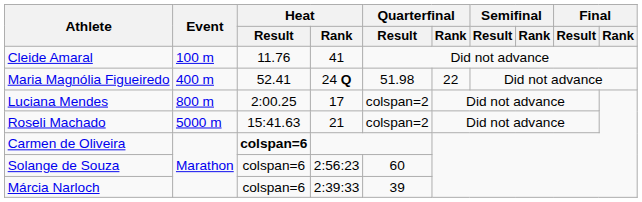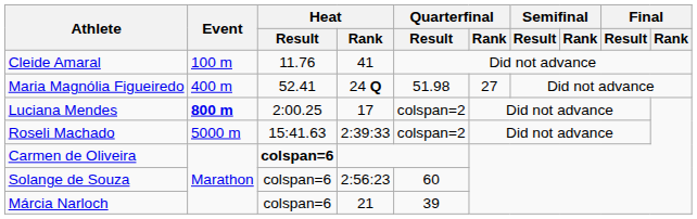 <table class="wikitable" style="font-size:90%">
 <tr>
 <th rowspan="2">Athlete</th>
 <th rowspan="2">Event</th>
 <th colspan="2">Heat</th>
 <th colspan="2">Quarterfinal</th>
 <th colspan="2">Semifinal</th>
 <th colspan="2">Final</th>
 </tr>
 <tr style="font-size:95%">
 <th>Result</th>
 <th>Rank</th>
 <th>Result</th>
 <th>Rank</th>
 <th>Result</th>
 <th>Rank</th>
 <th>Result</th>
 <th>Rank</th>
 </tr>
 <tr align=center>
 <td align=left><a href='#'>Cleide Amaral</a></td>
 <td align=left><a href='#'>100 m</a></td>
 <td>11.76</td>
 <td>41</td>
 <td colspan=6>Did not advance</td>
 </tr>
 <tr align=center>
 <td align=left><a href='#'>Maria Magnólia Figueiredo</a></td>
 <td align=left><a href='#'>400 m</a></td>
 <td>52.41</td>
 <td>24 <strong>Q</strong></td>
 <td>51.98</td>
-<td>22</td>
+<td>27</td>
 <td colspan=4>Did not advance</td>
 </tr>
 <tr align=center>
 <td align=left><a href='#'>Luciana Mendes</a></td>
-<td align=left><a href='#'>800 m</a></td>
+<td align=left><strong><a href='#'>800 m</a></strong></td>
 <td>2:00.25</td>
 <td>17</td>
 <td>colspan=2 </td>
 <td colspan=4>Did not advance</td>
 </tr>
 <tr align=center>
 <td align=left><a href='#'>Roseli Machado</a></td>
 <td align=left><a href='#'>5000 m</a></td>
 <td>15:41.63</td>
-<td>21</td>
+<td>2:39:33</td>
 <td>colspan=2 </td>
 <td colspan=4>Did not advance</td>
 </tr>
 <tr align=center>
 <td align=left><a href='#'>Carmen de Oliveira</a></td>
 <td align=left rowspan=3><a href='#'>Marathon</a></td>
 <td><strong>colspan=6 </strong></td>
 <td colspan=2></td>
 </tr>
 <tr align=center>
 <td align=left><a href='#'>Solange de Souza</a></td>
 <td>colspan=6 </td>
 <td>2:56:23</td>
 <td>60</td>
 </tr>
 <tr align=center>
 <td align=left><a href='#'>Márcia Narloch</a></td>
 <td>colspan=6 </td>
-<td>2:39:33</td>
+<td>21</td>
 <td>39</td>
 </tr>
 </table>
